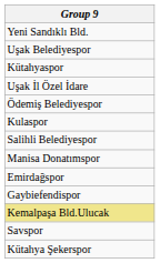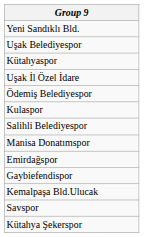 <table class="wikitable collapsible collapsed" style="font-size:95%;">
 <tr>
 <th colspan="1" width="200"><em>Group 9</em></th>
 </tr>
 <tr>
 <td>Yeni Sandıklı Bld.</td>
 </tr>
 <tr>
 <td>Uşak Belediyespor</td>
 </tr>
 <tr>
 <td>Kütahyaspor</td>
 </tr>
 <tr>
 <td>Uşak İl Özel İdare</td>
 </tr>
 <tr>
 <td>Ödemiş Belediyespor</td>
 </tr>
 <tr>
 <td>Kulaspor</td>
 </tr>
 <tr>
 <td>Salihli Belediyespor</td>
 </tr>
 <tr>
 <td>Manisa Donatımspor</td>
 </tr>
 <tr>
 <td>Emirdağspor</td>
 </tr>
 <tr>
 <td>Gaybiefendispor</td>
 </tr>
 <tr>
-<td style="background: khaki;">Kemalpaşa Bld.Ulucak</td>
+<td>Kemalpaşa Bld.Ulucak</td>
 </tr>
 <tr>
 <td>Savspor</td>
 </tr>
 <tr>
 <td>Kütahya Şekerspor</td>
 </tr>
 </table>
